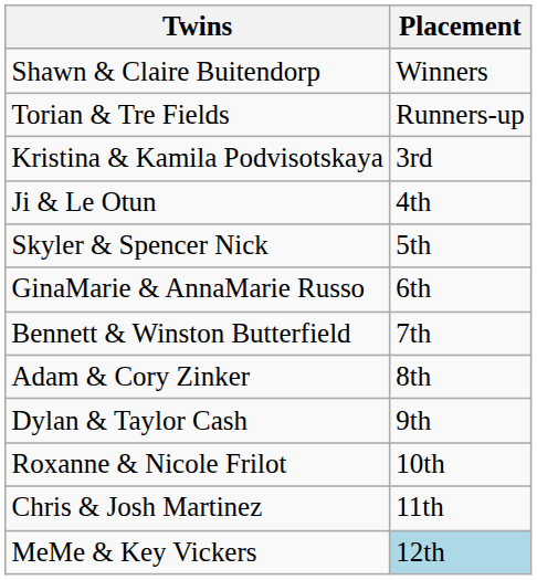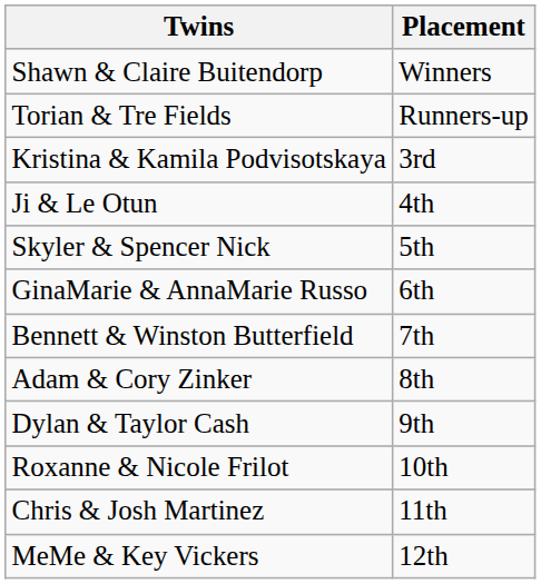 <table class="wikitable Sortable">
 <tr>
 <th colspan="1" rowspan="1">Twins</th>
 <th colspan=1>Placement</th>
 </tr>
 <tr>
 <td>Shawn & Claire Buitendorp</td>
 <td>Winners</td>
 </tr>
 <tr>
 <td>Torian & Tre Fields</td>
 <td>Runners-up</td>
 </tr>
 <tr>
 <td>Kristina & Kamila Podvisotskaya</td>
 <td>3rd</td>
 </tr>
 <tr>
 <td>Ji & Le Otun</td>
 <td>4th</td>
 </tr>
 <tr>
 <td>Skyler & Spencer Nick</td>
 <td>5th</td>
 </tr>
 <tr>
 <td>GinaMarie & AnnaMarie Russo</td>
 <td>6th</td>
 </tr>
 <tr>
 <td>Bennett & Winston Butterfield</td>
 <td>7th</td>
 </tr>
 <tr>
 <td>Adam & Cory Zinker</td>
 <td>8th</td>
 </tr>
 <tr>
 <td>Dylan & Taylor Cash</td>
 <td>9th</td>
 </tr>
 <tr>
 <td>Roxanne & Nicole Frilot</td>
 <td>10th</td>
 </tr>
 <tr>
 <td>Chris & Josh Martinez</td>
 <td>11th</td>
 </tr>
 <tr>
 <td>MeMe & Key Vickers</td>
-<td style="background: lightblue;">12th</td>
+<td>12th</td>
 </tr>
 </table>
